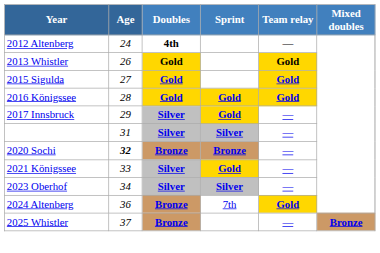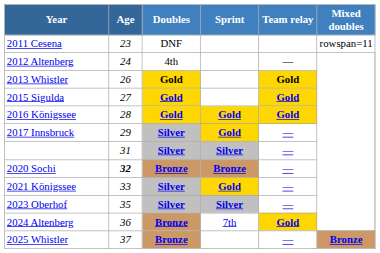 <table class="wikitable" style="font-size:95%; text-align:center; border:grey solid 1px; border-collapse:collapse; background:#ffffff;">
 <tr>
 <th style="background-color:#369; color:white; width:140px;">Year</th>
 <th style="background-color:#369; color:white; width:40px;">Age</th>
 <th style="background-color:#4180be; color:white; width:75px;">Doubles</th>
 <th style="background-color:#4180be; color:white; width:75px;">Sprint</th>
 <th style="background-color:#4180be; color:white; width:75px;">Team relay</th>
 <th style="background-color:#4180be; color:white; width:75px;">Mixed doubles</th>
 </tr>
 <tr>
+<td align=left> <a href='#'>2011 Cesena</a></td>
+<td><em>23</em></td>
+<td>DNF</td>
+<td></td>
+<td></td>
+<td>rowspan=11 </td>
+</tr>
+<tr>
 <td align=left> <a href='#'>2012 Altenberg</a></td>
 <td><em>24</em></td>
-<td><strong>4th</strong></td>
+<td>4th</td>
 <td></td>
 <td>—</td>
 </tr>
 <tr>
 <td align=left> <a href='#'>2013 Whistler</a></td>
 <td><em>26</em></td>
 <td style="background:gold;"><strong>Gold</strong></td>
 <td></td>
 <td style="background:gold;"><strong>Gold</strong></td>
 </tr>
 <tr>
 <td align=left> <a href='#'>2015 Sigulda</a></td>
 <td><em>27</em></td>
 <td style="background:gold;"><a href='#'><strong>Gold</strong></a></td>
 <td></td>
 <td style="background:gold;"><a href='#'><strong>Gold</strong></a></td>
 </tr>
 <tr>
 <td align=left> <a href='#'>2016 Königssee</a></td>
 <td><em>28</em></td>
 <td style="background:gold;"><a href='#'><strong>Gold</strong></a></td>
 <td style="background:gold;"><a href='#'><strong>Gold</strong></a></td>
 <td style="background:gold;"><a href='#'><strong>Gold</strong></a></td>
 </tr>
 <tr>
 <td align=left> <a href='#'>2017 Innsbruck</a></td>
 <td><em>29</em></td>
 <td style="background:silver;"><a href='#'><strong>Silver</strong></a></td>
 <td style="background:gold;"><a href='#'><strong>Gold</strong></a></td>
 <td><a href='#'>—</a></td>
 </tr>
 <tr>
 <td align=left> </td>
 <td><em>31</em></td>
 <td style="background:silver;"><a href='#'><strong>Silver</strong></a></td>
 <td style="background:silver;"><a href='#'><strong>Silver</strong></a></td>
 <td><a href='#'>—</a></td>
 </tr>
 <tr>
 <td align=left> <a href='#'>2020 Sochi</a></td>
 <td><strong><em>32</em></strong></td>
 <td style="background:#cc9966;"><a href='#'><strong>Bronze</strong></a></td>
 <td style="background:#cc9966;"><a href='#'><strong>Bronze</strong></a></td>
 <td><a href='#'>—</a></td>
 </tr>
 <tr>
 <td align=left> <a href='#'>2021 Königssee</a></td>
 <td><em>33</em></td>
 <td style="background:silver"><a href='#'><strong>Silver</strong></a></td>
 <td style="background:gold;"><a href='#'><strong>Gold</strong></a></td>
 <td><a href='#'>—</a></td>
 </tr>
 <tr>
 <td align=left> <a href='#'>2023 Oberhof</a></td>
-<td><em>34</em></td>
+<td><em>35</em></td>
 <td style="background:silver"><a href='#'><strong>Silver</strong></a></td>
 <td style="background:silver;"><a href='#'><strong>Silver</strong></a></td>
 <td><a href='#'>—</a></td>
 </tr>
 <tr>
 <td align=left> <a href='#'>2024 Altenberg</a></td>
 <td><em>36</em></td>
 <td style="background:#cc9966;"><a href='#'><strong>Bronze</strong></a></td>
 <td><a href='#'>7th</a></td>
 <td style="background:gold;"><a href='#'><strong>Gold</strong></a></td>
 </tr>
 <tr>
 <td align=left> <a href='#'>2025 Whistler</a></td>
 <td><em>37</em></td>
 <td style="background:#cc9966;"><a href='#'><strong>Bronze</strong></a></td>
 <td></td>
 <td><a href='#'>—</a></td>
 <td style="background:#cc9966;"><a href='#'><strong>Bronze</strong></a></td>
 </tr>
 </table>
